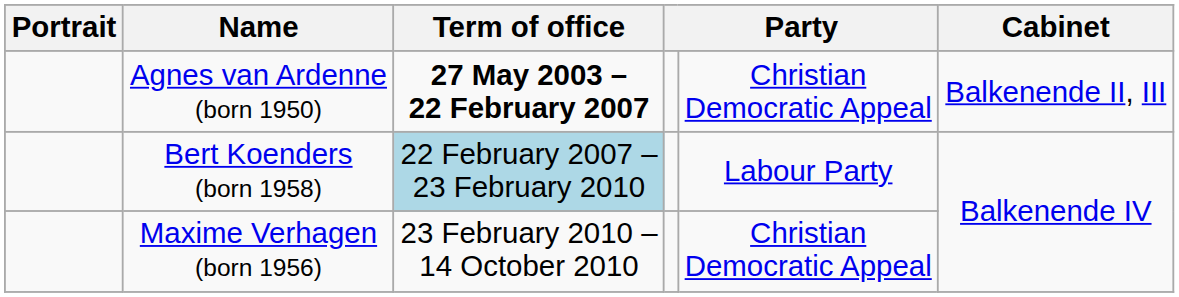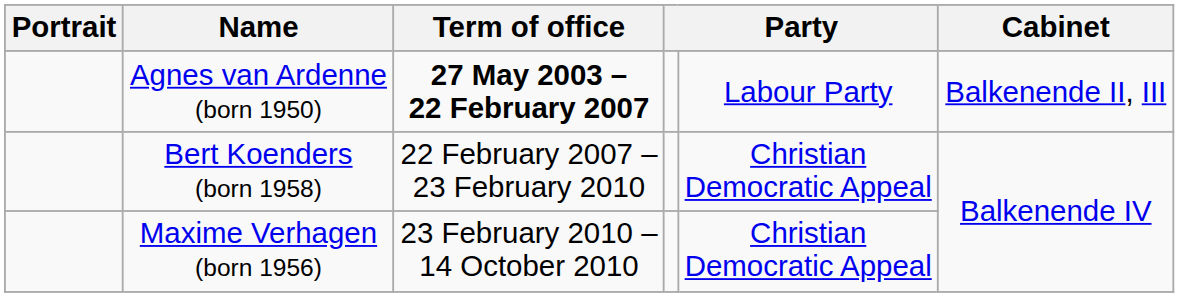 <table class="wikitable" style="text-align:center">
 <tr>
 <th>Portrait</th>
 <th>Name<br></th>
 <th>Term of office</th>
 <th colspan=2>Party</th>
 <th>Cabinet</th>
 </tr>
 <tr>
 <td></td>
 <td><a href='#'>Agnes van Ardenne</a> <br> <small>(born 1950)</small></td>
 <td><strong>27 May 2003 – <br> 22 February 2007</strong></td>
 <td style="background:"></td>
-<td><a href='#'>Christian <br> Democratic Appeal</a></td>
+<td><a href='#'>Labour Party</a></td>
 <td><a href='#'>Balkenende II</a>, <a href='#'>III</a></td>
 </tr>
 <tr>
 <td></td>
 <td><a href='#'>Bert Koenders</a> <br> <small>(born 1958)</small></td>
-<td style="background: lightblue;">22 February 2007 – <br> 23 February 2010 <br> </td>
+<td>22 February 2007 – <br> 23 February 2010 <br> </td>
 <td style="background:"></td>
-<td><a href='#'>Labour Party</a></td>
+<td><a href='#'>Christian <br> Democratic Appeal</a></td>
 <td rowspan=2><a href='#'>Balkenende IV</a></td>
 </tr>
 <tr>
 <td></td>
 <td><a href='#'>Maxime Verhagen</a> <br> <small>(born 1956)</small></td>
 <td>23 February 2010 – <br> 14 October 2010 <br> </td>
 <td style="background:"></td>
 <td><a href='#'>Christian <br> Democratic Appeal</a></td>
 </tr>
 </table>
